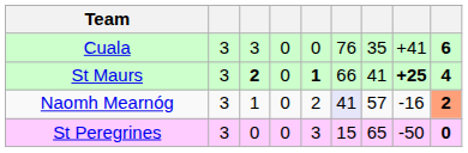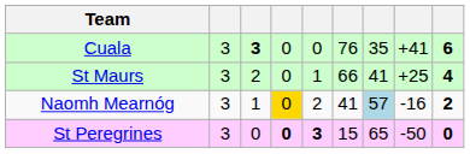 <table class="wikitable" style="text-align:center">
 <tr>
 <th style="width:175px;">Team</th>
 <th width="20"></th>
 <th width="20"></th>
 <th width="20"></th>
 <th width="20"></th>
 <th width="20"></th>
 <th width="20"></th>
 <th width="20"></th>
 <th width="20"></th>
 </tr>
 <tr style="background:#cfc;">
 <td><a href='#'>Cuala</a></td>
 <td>3</td>
-<td>3</td>
+<td><strong>3</strong></td>
 <td>0</td>
 <td>0</td>
 <td>76</td>
 <td>35</td>
 <td>+41</td>
 <td><strong>6</strong></td>
 </tr>
 <tr style="background:#cfc;">
 <td><a href='#'>St Maurs</a></td>
 <td>3</td>
-<td><strong>2</strong></td>
+<td>2</td>
 <td>0</td>
-<td><strong>1</strong></td>
+<td>1</td>
 <td>66</td>
 <td>41</td>
-<td><strong>+25</strong></td>
+<td>+25</td>
 <td><strong>4</strong></td>
 </tr>
 <tr>
 <td><a href='#'>Naomh Mearnóg</a></td>
 <td>3</td>
 <td>1</td>
-<td>0</td>
+<td style="background: gold;">0</td>
 <td>2</td>
-<td style="background: lavender;">41</td>
-<td>57</td>
+<td>41</td>
+<td style="background: lightblue;">57</td>
 <td>-16</td>
-<td style="background: lightsalmon;"><strong>2</strong></td>
+<td><strong>2</strong></td>
 </tr>
 <tr style="background:#fcf;">
 <td><a href='#'>St Peregrines</a></td>
 <td>3</td>
 <td>0</td>
-<td>0</td>
-<td>3</td>
+<td><strong>0</strong></td>
+<td><strong>3</strong></td>
 <td>15</td>
 <td>65</td>
 <td>-50</td>
 <td><strong>0</strong></td>
 </tr>
 </table>
